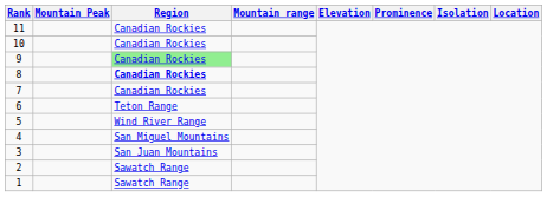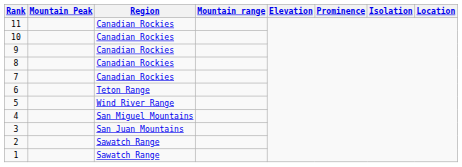 <table class="wikitable sortable">
 <tr>
 <th><a href='#'>Rank</a></th>
 <th><a href='#'>Mountain Peak</a></th>
 <th><a href='#'>Region</a></th>
 <th><a href='#'>Mountain range</a></th>
 <th><a href='#'>Elevation</a></th>
 <th><a href='#'>Prominence</a></th>
 <th><a href='#'>Isolation</a></th>
 <th><a href='#'>Location</a></th>
 </tr>
 <tr>
 <td align=center>11<br></td>
 <td></td>
 <td><a href='#'>Canadian Rockies</a><br></td>
 <td></td>
 </tr>
 <tr>
 <td align=center>10<br></td>
 <td></td>
 <td><a href='#'>Canadian Rockies</a><br></td>
 <td></td>
 </tr>
 <tr>
 <td align=center>9<br></td>
 <td></td>
-<td style="background: lightgreen;"><a href='#'>Canadian Rockies</a><br></td>
+<td><a href='#'>Canadian Rockies</a><br></td>
 <td></td>
 </tr>
 <tr>
 <td align=center>8<br></td>
 <td></td>
-<td><strong><a href='#'>Canadian Rockies</a><br></strong></td>
+<td><a href='#'>Canadian Rockies</a><br></td>
 <td></td>
 </tr>
 <tr>
 <td align=center>7<br></td>
 <td></td>
 <td><a href='#'>Canadian Rockies</a><br></td>
 <td></td>
 </tr>
 <tr>
 <td align=center>6<br></td>
 <td></td>
 <td><a href='#'>Teton Range</a><br></td>
 <td></td>
 </tr>
 <tr>
 <td align=center>5<br></td>
 <td></td>
 <td><a href='#'>Wind River Range</a><br></td>
 <td></td>
 </tr>
 <tr>
 <td align=center>4<br></td>
 <td></td>
 <td><a href='#'>San Miguel Mountains</a><br></td>
 <td></td>
 </tr>
 <tr>
 <td align=center>3<br></td>
 <td></td>
 <td><a href='#'>San Juan Mountains</a><br></td>
 <td></td>
 </tr>
 <tr>
 <td align=center>2<br></td>
 <td></td>
 <td><a href='#'>Sawatch Range</a><br></td>
 <td></td>
 </tr>
 <tr>
 <td align=center>1<br></td>
 <td></td>
 <td><a href='#'>Sawatch Range</a><br></td>
 <td></td>
 </tr>
 </table>
